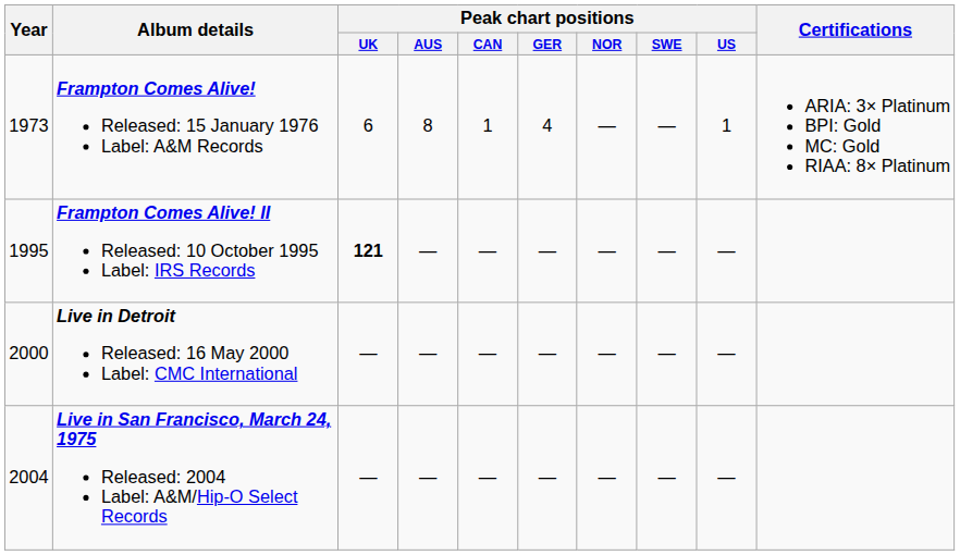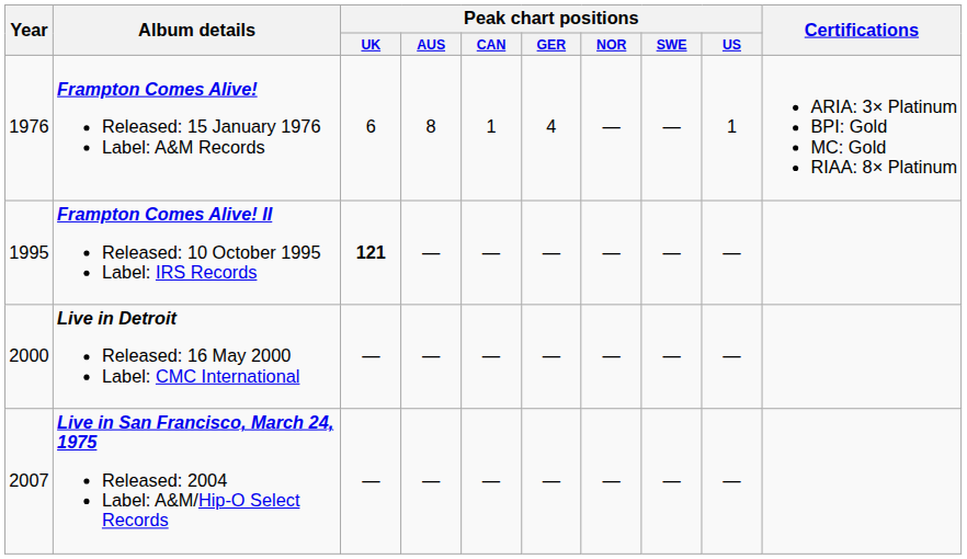 <table class="wikitable">
 <tr>
 <th rowspan="2" width="33">Year</th>
 <th rowspan="2" width="250">Album details</th>
 <th colspan="7">Peak chart positions</th>
 <th rowspan="2"><a href='#'>Certifications</a></th>
 </tr>
 <tr>
 <th style="width:4em;font-size:75%"><a href='#'>UK</a><br></th>
 <th style="width:4em;font-size:75%"><a href='#'>AUS</a></th>
 <th style="width:4em;font-size:75%"><a href='#'>CAN</a><br></th>
 <th style="width:4em;font-size:75%"><a href='#'>GER</a><br></th>
 <th style="width:4em;font-size:75%"><a href='#'>NOR</a><br></th>
 <th style="width:4em;font-size:75%"><a href='#'>SWE</a><br></th>
 <th style="width:4em;font-size:75%"><a href='#'>US</a><br></th>
 </tr>
 <tr>
-<td>1973</td>
+<td>1976</td>
 <td align="left"><strong><em><a href='#'>Frampton Comes Alive!</a></em></strong><br><ul><li>Released: 15 January 1976</li><li>Label: A&M Records</li></ul></td>
 <td align="center">6</td>
 <td align="center">8</td>
 <td align="center">1</td>
 <td align="center">4</td>
 <td align="center">—</td>
 <td align="center">—</td>
 <td align="center">1</td>
 <td><br><ul><li>ARIA: 3× Platinum</li><li>BPI: Gold</li><li>MC: Gold</li><li>RIAA: 8× Platinum</li></ul></td>
 </tr>
 <tr>
 <td>1995</td>
 <td align="left"><strong><em><a href='#'>Frampton Comes Alive! II</a></em></strong><br><ul><li>Released: 10 October 1995</li><li>Label: <a href='#'>IRS Records</a></li></ul></td>
 <td align="center"><strong>121</strong></td>
 <td align="center">—</td>
 <td align="center">—</td>
 <td align="center">—</td>
 <td align="center">—</td>
 <td align="center">—</td>
 <td align="center">—</td>
 <td></td>
 </tr>
 <tr>
 <td>2000</td>
 <td align="left"><strong><em>Live in Detroit</em></strong><br><ul><li>Released: 16 May 2000</li><li>Label: <a href='#'>CMC International</a></li></ul></td>
 <td align="center">—</td>
 <td align="center">—</td>
 <td align="center">—</td>
 <td align="center">—</td>
 <td align="center">—</td>
 <td align="center">—</td>
 <td align="center">—</td>
 <td></td>
 </tr>
 <tr>
-<td>2004</td>
+<td>2007</td>
 <td align="left"><strong><em><a href='#'>Live in San Francisco, March 24, 1975</a></em></strong><br><ul><li>Released: 2004</li><li>Label: A&M/<a href='#'>Hip-O Select Records</a></li></ul></td>
 <td align="center">—</td>
 <td align="center">—</td>
 <td align="center">—</td>
 <td align="center">—</td>
 <td align="center">—</td>
 <td align="center">—</td>
 <td align="center">—</td>
 <td></td>
 </tr>
 </table>
